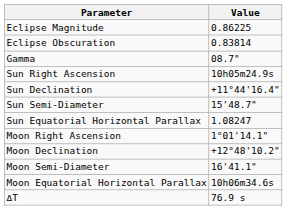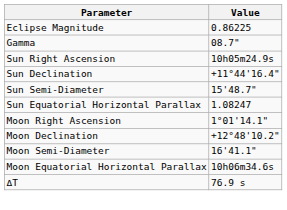 <table class="wikitable">
 <tr>
 <th>Parameter</th>
 <th>Value</th>
 </tr>
 <tr>
 <td>Eclipse Magnitude</td>
 <td>0.86225</td>
-</tr>
-<tr>
-<td>Eclipse Obscuration</td>
-<td>0.83814</td>
 </tr>
 <tr>
 <td>Gamma</td>
 <td>08.7"</td>
 </tr>
 <tr>
 <td>Sun Right Ascension</td>
 <td>10h05m24.9s</td>
 </tr>
 <tr>
 <td>Sun Declination</td>
 <td>+11°44'16.4"</td>
 </tr>
 <tr>
 <td>Sun Semi-Diameter</td>
 <td>15'48.7"</td>
 </tr>
 <tr>
 <td>Sun Equatorial Horizontal Parallax</td>
 <td>1.08247</td>
 </tr>
 <tr>
 <td>Moon Right Ascension</td>
 <td>1°01'14.1"</td>
 </tr>
 <tr>
 <td>Moon Declination</td>
 <td>+12°48'10.2"</td>
 </tr>
 <tr>
 <td>Moon Semi-Diameter</td>
 <td>16'41.1"</td>
 </tr>
 <tr>
 <td>Moon Equatorial Horizontal Parallax</td>
 <td>10h06m34.6s</td>
 </tr>
 <tr>
 <td>ΔT</td>
 <td>76.9 s</td>
 </tr>
 </table>
